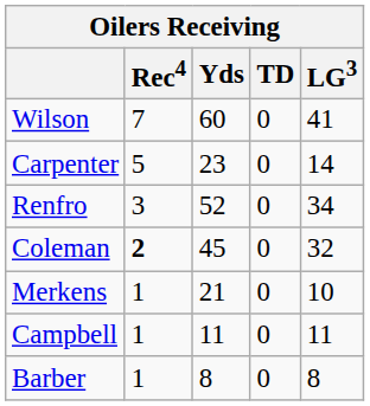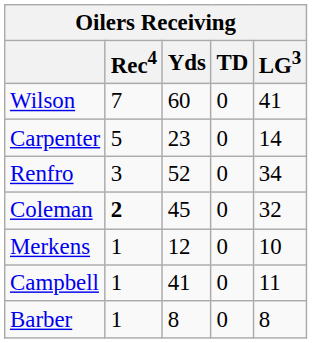 <table class="wikitable">
 <tr>
 <th colspan="5">Oilers Receiving</th>
 </tr>
 <tr>
 <th></th>
 <th>Rec<sup>4</sup></th>
 <th>Yds</th>
 <th>TD</th>
 <th>LG<sup>3</sup></th>
 </tr>
 <tr>
 <td><a href='#'>Wilson</a></td>
 <td>7</td>
 <td>60</td>
 <td>0</td>
 <td>41</td>
 </tr>
 <tr>
 <td><a href='#'>Carpenter</a></td>
 <td>5</td>
 <td>23</td>
 <td>0</td>
 <td>14</td>
 </tr>
 <tr>
 <td><a href='#'>Renfro</a></td>
 <td>3</td>
 <td>52</td>
 <td>0</td>
 <td>34</td>
 </tr>
 <tr>
 <td><a href='#'>Coleman</a></td>
 <td><strong>2</strong></td>
 <td>45</td>
 <td>0</td>
 <td>32</td>
 </tr>
 <tr>
 <td><a href='#'>Merkens</a></td>
 <td>1</td>
-<td>21</td>
+<td>12</td>
 <td>0</td>
 <td>10</td>
 </tr>
 <tr>
 <td><a href='#'>Campbell</a></td>
 <td>1</td>
-<td>11</td>
+<td>41</td>
 <td>0</td>
 <td>11</td>
 </tr>
 <tr>
 <td><a href='#'>Barber</a></td>
 <td>1</td>
 <td>8</td>
 <td>0</td>
 <td>8</td>
 </tr>
 </table>
